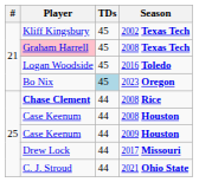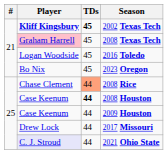 <table class="wikitable" style="font-size:90%; white-space: nowrap;">
 <tr>
 <th>#</th>
 <th>Player</th>
 <th>TDs</th>
 <th>Season</th>
 </tr>
 <tr>
 <td rowspan=4>21</td>
-<td><a href='#'>Kliff Kingsbury</a></td>
-<td>45</td>
+<td><strong><a href='#'>Kliff Kingsbury</a></strong></td>
+<td><strong>45</strong></td>
 <td><small><a href='#'>2002</a></small> <strong><a href='#'>Texas Tech</a></strong></td>
 </tr>
 <tr>
 <td style="background: pink;"><a href='#'>Graham Harrell</a></td>
 <td>45</td>
 <td><small><a href='#'>2008</a></small> <strong><a href='#'>Texas Tech</a></strong></td>
 </tr>
 <tr>
 <td><a href='#'>Logan Woodside</a></td>
 <td>45</td>
 <td><small><a href='#'>2016</a></small> <strong><a href='#'>Toledo</a></strong></td>
 </tr>
 <tr>
 <td><a href='#'>Bo Nix</a></td>
-<td style="background: lightblue;">45</td>
+<td>45</td>
 <td><small><a href='#'>2023</a></small> <strong><a href='#'>Oregon</a></strong></td>
 </tr>
 <tr>
 <td rowspan=5>25</td>
-<td><strong><a href='#'>Chase Clement</a></strong></td>
-<td>44</td>
+<td><a href='#'>Chase Clement</a></td>
+<td style="background: lightsalmon;">44</td>
 <td><small><a href='#'>2008</a></small> <strong><a href='#'>Rice</a></strong></td>
 </tr>
 <tr>
 <td><a href='#'>Case Keenum</a></td>
-<td>44</td>
+<td><strong>44</strong></td>
 <td><small><a href='#'>2008</a></small> <strong><a href='#'>Houston</a></strong></td>
 </tr>
 <tr>
 <td><a href='#'>Case Keenum</a></td>
 <td>44</td>
 <td><small><a href='#'>2009</a></small> <strong><a href='#'>Houston</a></strong></td>
 </tr>
 <tr>
 <td><a href='#'>Drew Lock</a></td>
 <td>44</td>
 <td><small><a href='#'>2017</a></small> <strong><a href='#'>Missouri</a></strong></td>
 </tr>
 <tr>
-<td><a href='#'>C. J. Stroud</a></td>
+<td style="background: lavender;"><a href='#'>C. J. Stroud</a></td>
 <td>44</td>
 <td><small><a href='#'>2021</a></small> <strong><a href='#'>Ohio State</a></strong></td>
 </tr>
 </table>
